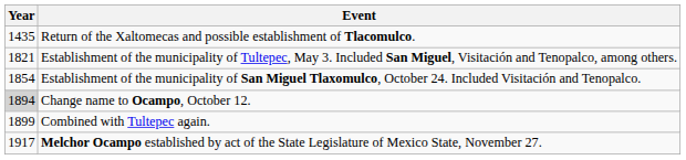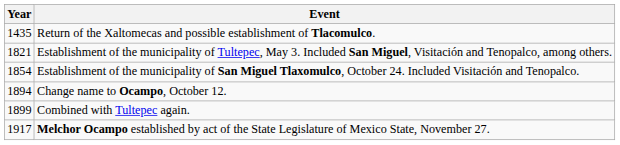 <table class="wikitable">
 <tr>
 <th>Year</th>
 <th>Event</th>
 </tr>
 <tr>
 <td>1435</td>
 <td>Return of the Xaltomecas and possible establishment of <strong>Tlacomulco</strong>.</td>
 </tr>
 <tr>
 <td>1821</td>
 <td>Establishment of the municipality of <a href='#'>Tultepec</a>, May 3.  Included <strong>San Miguel</strong>, Visitación and Tenopalco, among others.</td>
 </tr>
 <tr>
 <td>1854</td>
 <td>Establishment of the municipality of <strong>San Miguel Tlaxomulco</strong>,  October 24.  Included Visitación and Tenopalco.</td>
 </tr>
 <tr>
-<td style="background: lightgrey;">1894</td>
+<td>1894</td>
 <td>Change name to <strong>Ocampo</strong>, October 12.</td>
 </tr>
 <tr>
 <td>1899</td>
 <td>Combined with <a href='#'>Tultepec</a> again.</td>
 </tr>
 <tr>
 <td>1917</td>
 <td><strong>Melchor Ocampo</strong> established by act of the State Legislature of Mexico State, November 27.</td>
 </tr>
 </table>
